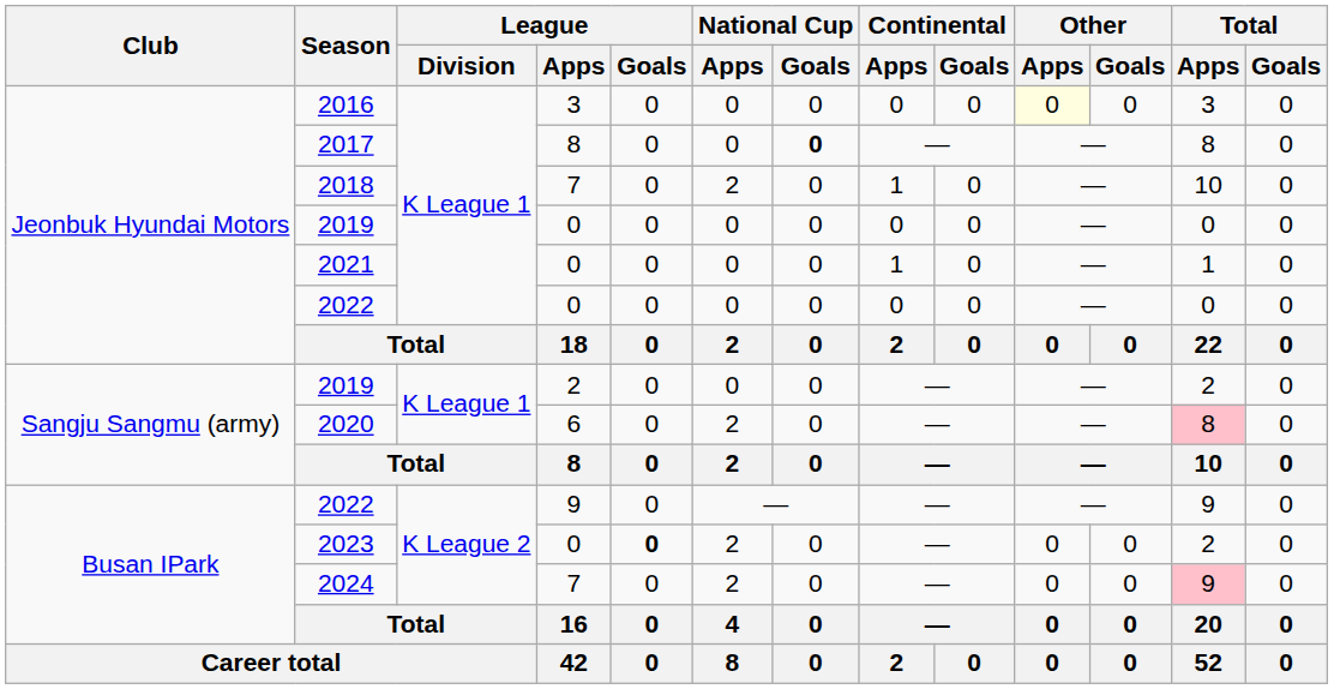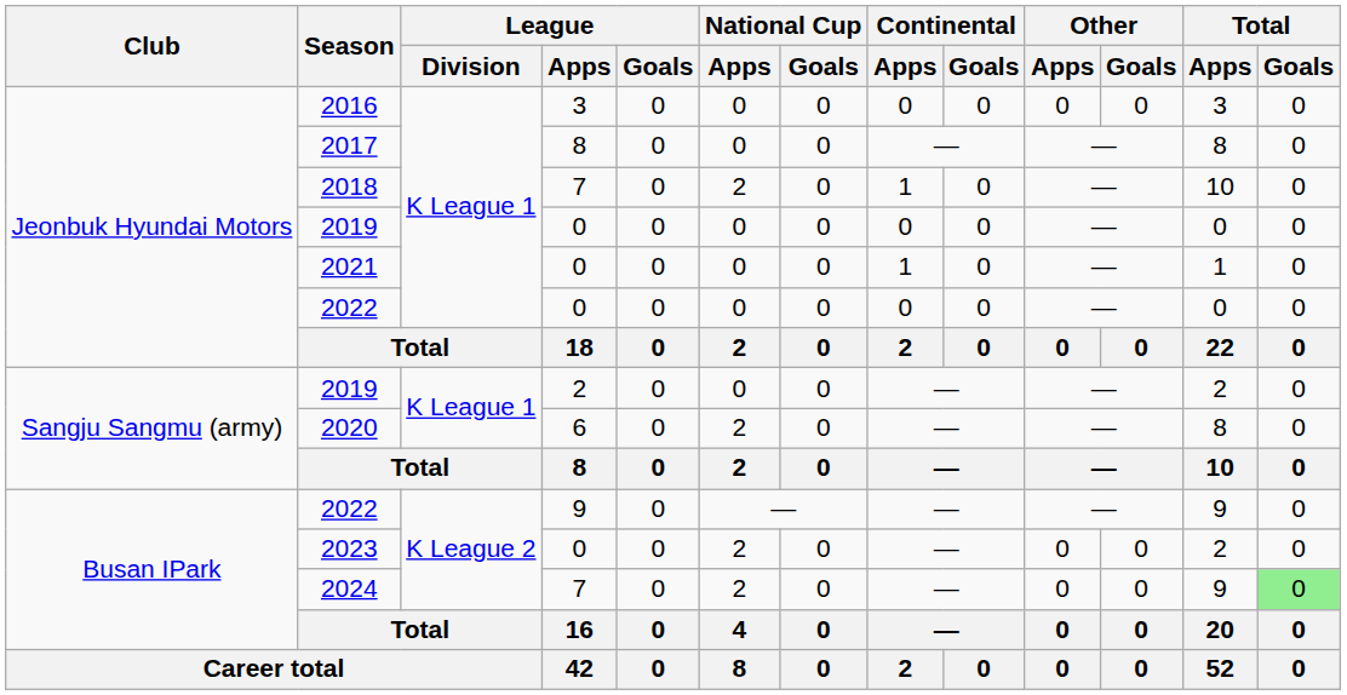 <table class="wikitable" style="text-align: center;">
 <tr>
 <th rowspan="2">Club</th>
 <th rowspan="2">Season</th>
 <th colspan="3">League</th>
 <th colspan="2">National Cup</th>
 <th colspan="2">Continental</th>
 <th colspan="2">Other</th>
 <th colspan="2">Total</th>
 </tr>
 <tr>
 <th>Division</th>
 <th>Apps</th>
 <th>Goals</th>
 <th>Apps</th>
 <th>Goals</th>
 <th>Apps</th>
 <th>Goals</th>
 <th>Apps</th>
 <th>Goals</th>
 <th>Apps</th>
 <th>Goals</th>
 </tr>
 <tr>
 <td rowspan="7"><a href='#'>Jeonbuk Hyundai Motors</a></td>
 <td><a href='#'>2016</a></td>
 <td rowspan="6"><a href='#'>K League 1</a></td>
 <td>3</td>
 <td>0</td>
 <td>0</td>
 <td>0</td>
 <td>0</td>
 <td>0</td>
-<td style="background: lightyellow;">0</td>
+<td>0</td>
 <td>0</td>
 <td>3</td>
 <td>0</td>
 </tr>
 <tr>
 <td><a href='#'>2017</a></td>
 <td>8</td>
 <td>0</td>
 <td>0</td>
-<td><strong>0</strong></td>
+<td>0</td>
 <td colspan="2">—</td>
 <td colspan="2">—</td>
 <td>8</td>
 <td>0</td>
 </tr>
 <tr>
 <td><a href='#'>2018</a></td>
 <td>7</td>
 <td>0</td>
 <td>2</td>
 <td>0</td>
 <td>1</td>
 <td>0</td>
 <td colspan="2">—</td>
 <td>10</td>
 <td>0</td>
 </tr>
 <tr>
 <td><a href='#'>2019</a></td>
 <td>0</td>
 <td>0</td>
 <td>0</td>
 <td>0</td>
 <td>0</td>
 <td>0</td>
 <td colspan="2">—</td>
 <td>0</td>
 <td>0</td>
 </tr>
 <tr>
 <td><a href='#'>2021</a></td>
 <td>0</td>
 <td>0</td>
 <td>0</td>
 <td>0</td>
 <td>1</td>
 <td>0</td>
 <td colspan="2">—</td>
 <td>1</td>
 <td>0</td>
 </tr>
 <tr>
 <td><a href='#'>2022</a></td>
 <td>0</td>
 <td>0</td>
 <td>0</td>
 <td>0</td>
 <td>0</td>
 <td>0</td>
 <td colspan="2">—</td>
 <td>0</td>
 <td>0</td>
 </tr>
 <tr>
 <th colspan="2">Total</th>
 <th>18</th>
 <th>0</th>
 <th>2</th>
 <th>0</th>
 <th>2</th>
 <th>0</th>
 <th>0</th>
 <th>0</th>
 <th>22</th>
 <th>0</th>
 </tr>
 <tr>
 <td rowspan="3"><a href='#'>Sangju Sangmu</a> (army)</td>
 <td><a href='#'>2019</a></td>
 <td rowspan="2"><a href='#'>K League 1</a></td>
 <td>2</td>
 <td>0</td>
 <td>0</td>
 <td>0</td>
 <td colspan="2">—</td>
 <td colspan="2">—</td>
 <td>2</td>
 <td>0</td>
 </tr>
 <tr>
 <td><a href='#'>2020</a></td>
 <td>6</td>
 <td>0</td>
 <td>2</td>
 <td>0</td>
 <td colspan="2">—</td>
 <td colspan="2">—</td>
-<td style="background: pink;">8</td>
+<td>8</td>
 <td>0</td>
 </tr>
 <tr>
 <th colspan="2">Total</th>
 <th>8</th>
 <th>0</th>
 <th>2</th>
 <th>0</th>
 <th colspan="2">—</th>
 <th colspan="2">—</th>
 <th>10</th>
 <th>0</th>
 </tr>
 <tr>
 <td rowspan="4"><a href='#'>Busan IPark</a></td>
 <td><a href='#'>2022</a></td>
 <td rowspan="3"><a href='#'>K League 2</a></td>
 <td>9</td>
 <td>0</td>
 <td colspan="2">—</td>
 <td colspan="2">—</td>
 <td colspan="2">—</td>
 <td>9</td>
 <td>0</td>
 </tr>
 <tr>
 <td><a href='#'>2023</a></td>
 <td>0</td>
-<td><strong>0</strong></td>
+<td>0</td>
 <td>2</td>
 <td>0</td>
 <td colspan="2">—</td>
 <td>0</td>
 <td>0</td>
 <td>2</td>
 <td>0</td>
 </tr>
 <tr>
 <td><a href='#'>2024</a></td>
 <td>7</td>
 <td>0</td>
 <td>2</td>
 <td>0</td>
 <td colspan="2">—</td>
 <td>0</td>
 <td>0</td>
-<td style="background: pink;">9</td>
-<td>0</td>
+<td>9</td>
+<td style="background: lightgreen;">0</td>
 </tr>
 <tr>
 <th colspan="2">Total</th>
 <th>16</th>
 <th>0</th>
 <th>4</th>
 <th>0</th>
 <th colspan="2">—</th>
 <th>0</th>
 <th>0</th>
 <th>20</th>
 <th>0</th>
 </tr>
 <tr>
 <th colspan="3">Career total</th>
 <th>42</th>
 <th>0</th>
 <th>8</th>
 <th>0</th>
 <th>2</th>
 <th>0</th>
 <th>0</th>
 <th>0</th>
 <th>52</th>
 <th>0</th>
 </tr>
 </table>
